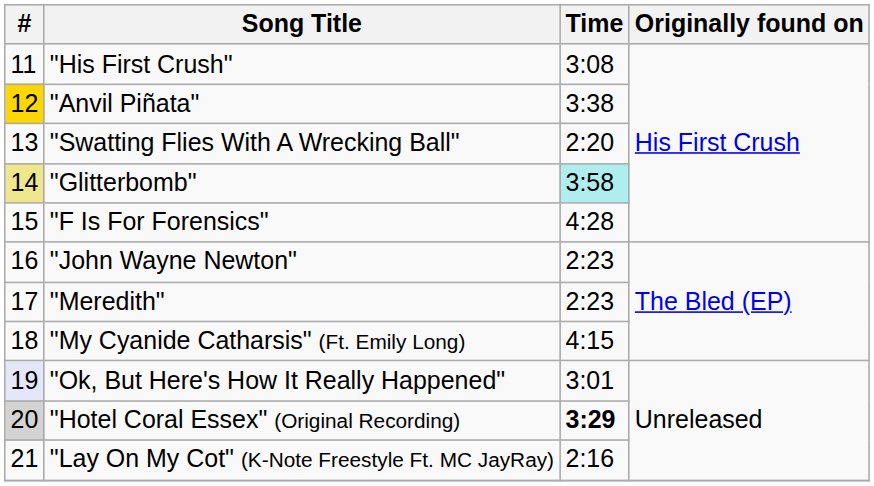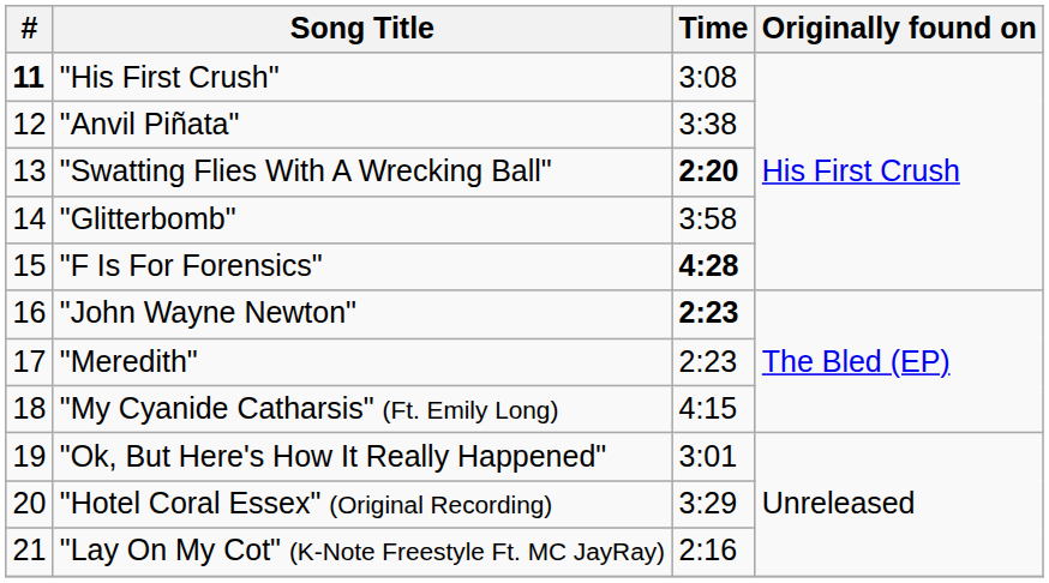 <table class="wikitable">
 <tr>
 <th>#</th>
 <th>Song Title</th>
 <th>Time</th>
 <th>Originally found on</th>
 </tr>
 <tr>
-<td>11</td>
+<td><strong>11</strong></td>
 <td>"His First Crush"</td>
 <td>3:08</td>
 <td rowspan="5"><a href='#'>His First Crush</a></td>
 </tr>
 <tr>
-<td style="background: gold;">12</td>
+<td>12</td>
 <td>"Anvil Piñata"</td>
 <td>3:38</td>
 </tr>
 <tr>
 <td>13</td>
 <td>"Swatting Flies With A Wrecking Ball"</td>
-<td>2:20</td>
+<td><strong>2:20</strong></td>
 </tr>
 <tr>
-<td style="background: khaki;">14</td>
+<td>14</td>
 <td>"Glitterbomb"</td>
-<td style="background: paleturquoise;">3:58</td>
+<td>3:58</td>
 </tr>
 <tr>
 <td>15</td>
 <td>"F Is For Forensics"</td>
-<td>4:28</td>
+<td><strong>4:28</strong></td>
 </tr>
 <tr>
 <td>16</td>
 <td>"John Wayne Newton"</td>
-<td>2:23</td>
+<td><strong>2:23</strong></td>
 <td rowspan="3"><a href='#'>The Bled (EP)</a></td>
 </tr>
 <tr>
 <td>17</td>
 <td>"Meredith"</td>
 <td>2:23</td>
 </tr>
 <tr>
 <td>18</td>
 <td>"My Cyanide Catharsis" <small>(Ft. Emily Long)</small></td>
 <td>4:15</td>
 </tr>
 <tr>
-<td style="background: lavender;">19</td>
+<td>19</td>
 <td>"Ok, But Here's How It Really Happened"</td>
 <td>3:01</td>
 <td rowspan="3">Unreleased</td>
 </tr>
 <tr>
-<td style="background: lightgrey;">20</td>
+<td>20</td>
 <td>"Hotel Coral Essex" <small>(Original Recording)</small></td>
-<td><strong>3:29</strong></td>
+<td>3:29</td>
 </tr>
 <tr>
 <td>21</td>
 <td>"Lay On My Cot" <small>(K-Note Freestyle Ft. MC JayRay)</small></td>
 <td>2:16</td>
 </tr>
 <tr>
 </tr>
 </table>
